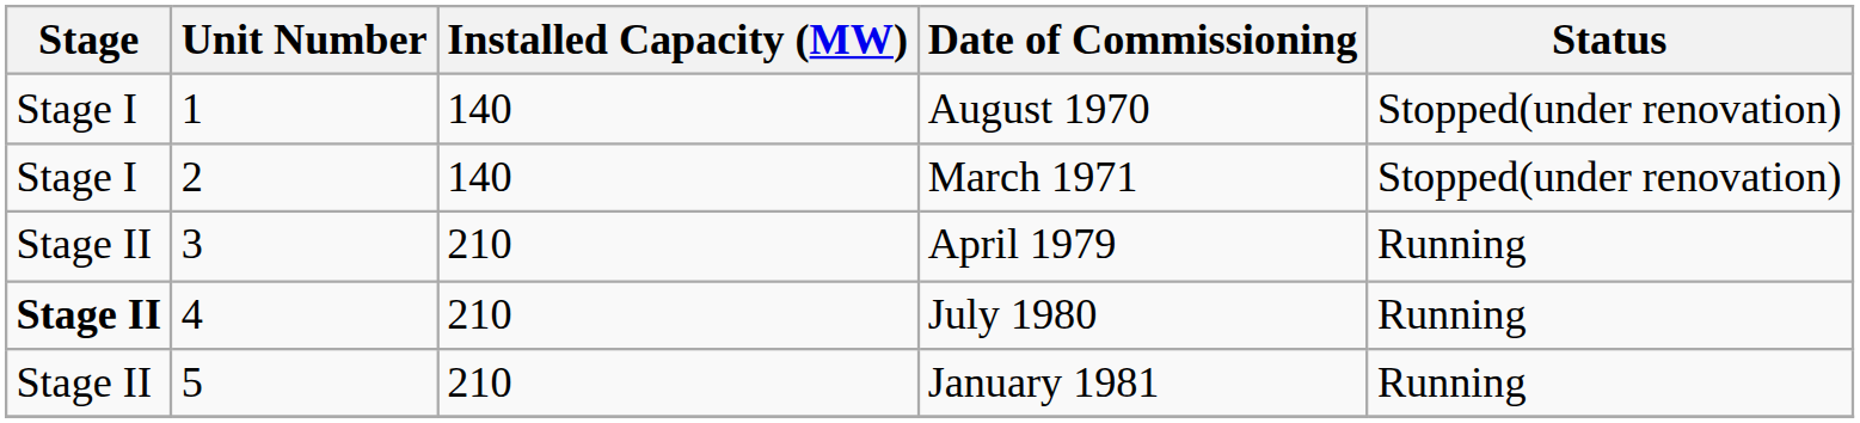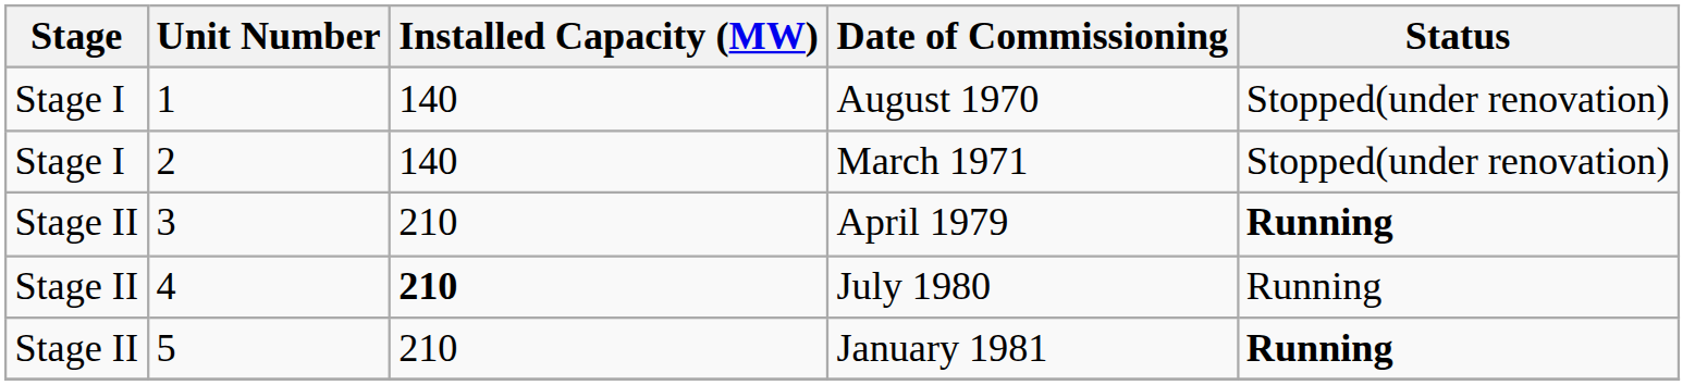 <table class="sortable wikitable">
 <tr>
 <th>Stage</th>
 <th>Unit Number</th>
 <th>Installed Capacity (<a href='#'>MW</a>)</th>
 <th>Date of Commissioning</th>
 <th>Status</th>
 </tr>
 <tr>
 <td>Stage I</td>
 <td>1</td>
 <td>140</td>
 <td>August 1970</td>
 <td>Stopped(under renovation)</td>
 </tr>
 <tr>
 <td>Stage I</td>
 <td>2</td>
 <td>140</td>
 <td>March 1971</td>
 <td>Stopped(under renovation)</td>
 </tr>
 <tr>
 <td>Stage II</td>
 <td>3</td>
 <td>210</td>
 <td>April 1979</td>
-<td>Running</td>
+<td><strong>Running</strong></td>
 </tr>
 <tr>
-<td><strong>Stage II</strong></td>
+<td>Stage II</td>
 <td>4</td>
-<td>210</td>
+<td><strong>210</strong></td>
 <td>July 1980</td>
 <td>Running</td>
 </tr>
 <tr>
 <td>Stage II</td>
 <td>5</td>
 <td>210</td>
 <td>January 1981</td>
-<td>Running</td>
+<td><strong>Running</strong></td>
 </tr>
 <tr>
 </tr>
 </table>
